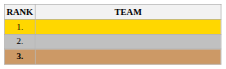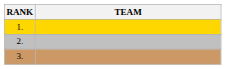 <table class="wikitable" style="border-collapse: collapse; font-size: 90%;">
 <tr>
 <th>RANK</th>
 <th align="center" style="width: 20em">TEAM</th>
 </tr>
 <tr bgcolor=gold>
 <td align="center">1.</td>
 <td></td>
 </tr>
 <tr bgcolor=silver>
 <td align="center">2.</td>
 <td></td>
 </tr>
 <tr bgcolor=#cc9966>
-<td align="center"><strong>3.</strong></td>
+<td align="center">3.</td>
 <td></td>
 </tr>
 </table>
